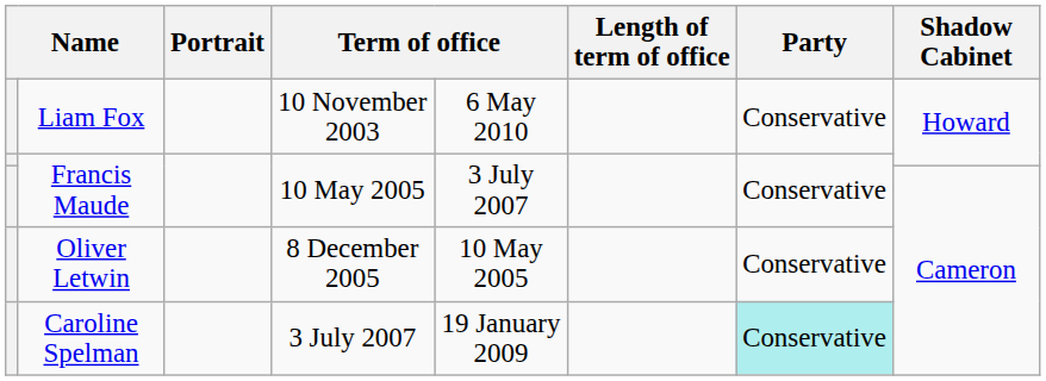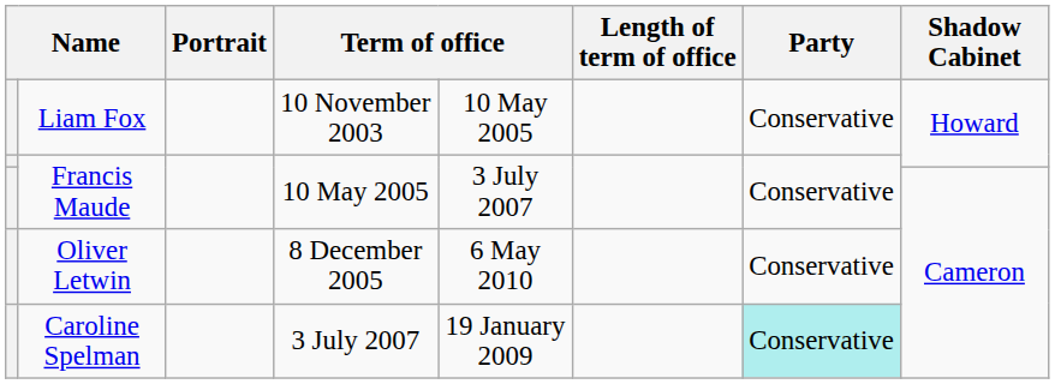 <table class="wikitable" style="text-align:center">
 <tr>
 <th colspan="2">Name</th>
 <th>Portrait</th>
 <th colspan="2">Term of office</th>
 <th>Length of term of office</th>
 <th>Party</th>
 <th>Shadow Cabinet</th>
 </tr>
 <tr>
 <th style="background-color: "></th>
 <td><a href='#'>Liam Fox</a></td>
 <td></td>
 <td>10 November 2003</td>
-<td>6 May 2010</td>
+<td>10 May 2005</td>
 <td></td>
 <td>Conservative</td>
 <td rowspan="2"><a href='#'>Howard</a></td>
 </tr>
 <tr>
 <th style="background-color: "></th>
 <td rowspan="2"><a href='#'>Francis Maude</a></td>
 <td rowspan="2"></td>
 <td rowspan="2">10 May 2005</td>
 <td rowspan="2">3 July 2007</td>
 <td rowspan="2"></td>
 <td rowspan="2">Conservative</td>
 </tr>
 <tr>
 <th style="background-color: "></th>
 <td rowspan="3"><a href='#'>Cameron</a></td>
 </tr>
 <tr>
 <th style="background-color: "></th>
 <td><a href='#'>Oliver Letwin</a></td>
 <td></td>
 <td>8 December 2005</td>
-<td>10 May 2005</td>
+<td>6 May 2010</td>
 <td></td>
 <td>Conservative</td>
 </tr>
 <tr>
 <th style="background-color: "></th>
 <td><a href='#'>Caroline Spelman</a></td>
 <td></td>
 <td>3 July 2007</td>
 <td>19 January 2009</td>
 <td></td>
 <td style="background: paleturquoise;">Conservative</td>
 </tr>
 </table>
